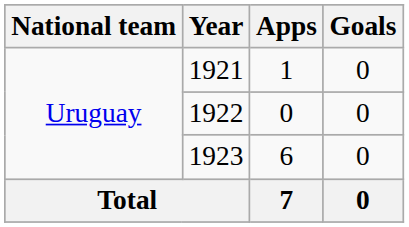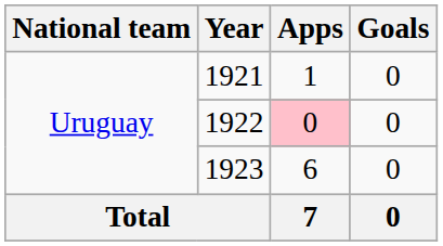 <table class="wikitable" style="text-align:center">
 <tr>
 <th>National team</th>
 <th>Year</th>
 <th>Apps</th>
 <th>Goals</th>
 </tr>
 <tr>
 <td rowspan=3><a href='#'>Uruguay</a></td>
 <td>1921</td>
 <td>1</td>
 <td>0</td>
 </tr>
 <tr>
 <td>1922</td>
-<td>0</td>
+<td style="background: pink;">0</td>
 <td>0</td>
 </tr>
 <tr>
 <td>1923</td>
 <td>6</td>
 <td>0</td>
 </tr>
 <tr>
 <th colspan=2>Total</th>
 <th>7</th>
 <th>0</th>
 </tr>
 </table>
